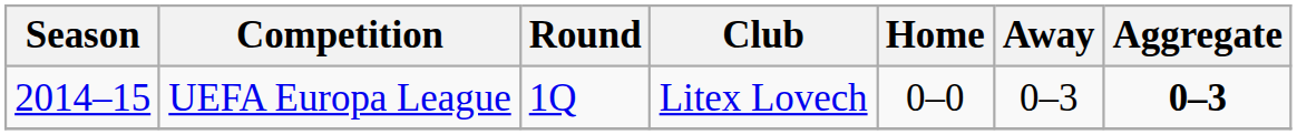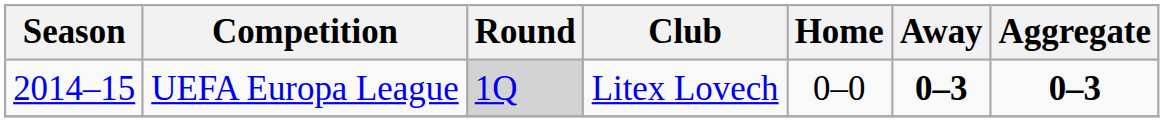 <table class="wikitable">
 <tr>
 <th>Season</th>
 <th>Competition</th>
 <th>Round</th>
 <th>Club</th>
 <th>Home</th>
 <th>Away</th>
 <th>Aggregate</th>
 </tr>
 <tr>
 <td><a href='#'>2014–15</a></td>
 <td><a href='#'>UEFA Europa League</a></td>
-<td><a href='#'>1Q</a></td>
+<td style="background: lightgrey;"><a href='#'>1Q</a></td>
 <td> <a href='#'>Litex Lovech</a></td>
 <td style="text-align:center;">0–0</td>
-<td style="text-align:center;">0–3</td>
+<td style="text-align:center;"><strong>0–3</strong></td>
 <td style="text-align:center;"><strong>0–3</strong></td>
 </tr>
 <tr>
 </tr>
 </table>
